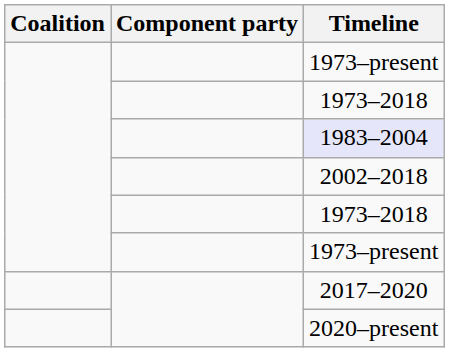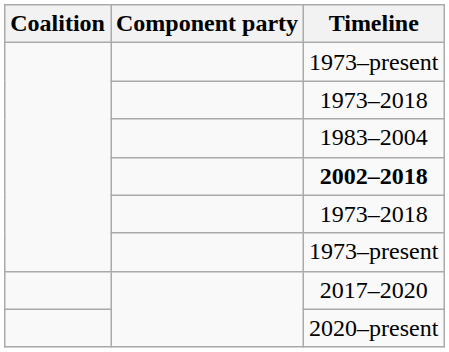 <table class="wikitable">
 <tr>
 <th>Coalition</th>
 <th>Component party</th>
 <th>Timeline</th>
 </tr>
 <tr>
 <td rowspan="6"></td>
 <td></td>
 <td align=center>1973–present</td>
 </tr>
 <tr>
 <td></td>
 <td align=center>1973–2018</td>
 </tr>
 <tr>
 <td></td>
-<td align=center style="background: lavender;">1983–2004</td>
+<td align=center>1983–2004</td>
 </tr>
 <tr>
 <td></td>
-<td align=center>2002–2018</td>
+<td align=center><strong>2002–2018</strong></td>
 </tr>
 <tr>
 <td></td>
 <td align=center>1973–2018</td>
 </tr>
 <tr>
 <td></td>
 <td align=center>1973–present</td>
 </tr>
 <tr>
 <td></td>
 <td rowspan="2"></td>
 <td align=center>2017–2020</td>
 </tr>
 <tr>
 <td></td>
 <td align=center>2020–present</td>
 </tr>
 </table>
